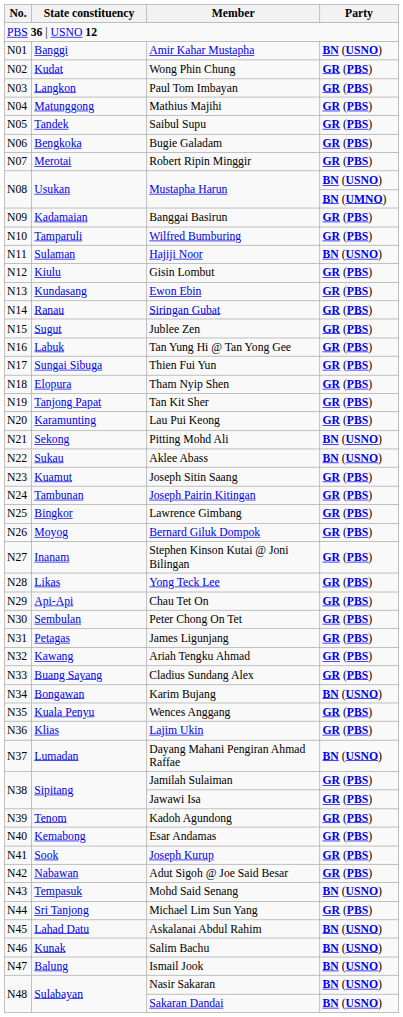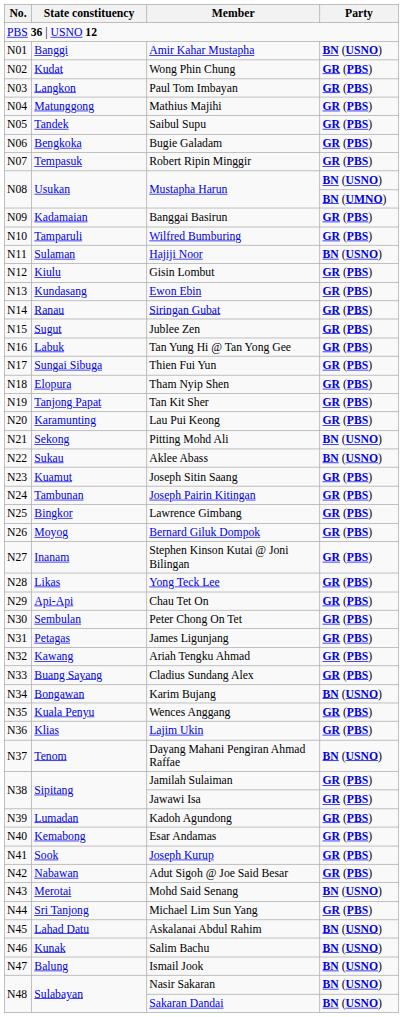 <table class="wikitable sortable">
 <tr>
 <th style="width:30px;">No.</th>
 <th style="width:150px;">State constituency</th>
 <th style="width:230px;">Member</th>
 <th style="width:100px;">Party</th>
 </tr>
 <tr>
 <td colspan="4"><a href='#'>PBS</a> <strong>36</strong> | <a href='#'>USNO</a> <strong>12</strong></td>
 </tr>
 <tr>
 <td>N01</td>
 <td><a href='#'>Banggi</a></td>
 <td><a href='#'> Amir Kahar Mustapha</a></td>
 <td><strong><a href='#'>BN</a></strong> (<strong><a href='#'>USNO</a></strong>)</td>
 </tr>
 <tr>
 <td>N02</td>
 <td><a href='#'>Kudat</a></td>
 <td>Wong Phin Chung</td>
 <td><strong><a href='#'>GR</a></strong> (<strong><a href='#'>PBS</a></strong>)</td>
 </tr>
 <tr>
 <td>N03</td>
 <td><a href='#'>Langkon</a></td>
 <td>Paul Tom Imbayan</td>
 <td><strong><a href='#'>GR</a></strong> (<strong><a href='#'>PBS</a></strong>)</td>
 </tr>
 <tr>
 <td>N04</td>
 <td><a href='#'>Matunggong</a></td>
 <td>Mathius Majihi</td>
 <td><strong><a href='#'>GR</a></strong> (<strong><a href='#'>PBS</a></strong>)</td>
 </tr>
 <tr>
 <td>N05</td>
 <td><a href='#'>Tandek</a></td>
 <td>Saibul Supu</td>
 <td><strong><a href='#'>GR</a></strong> (<strong><a href='#'>PBS</a></strong>)</td>
 </tr>
 <tr>
 <td>N06</td>
 <td><a href='#'>Bengkoka</a></td>
 <td>Bugie Galadam</td>
 <td><strong><a href='#'>GR</a></strong> (<strong><a href='#'>PBS</a></strong>)</td>
 </tr>
 <tr>
 <td>N07</td>
-<td><a href='#'>Merotai</a></td>
+<td><a href='#'>Tempasuk</a></td>
 <td>Robert Ripin Minggir</td>
 <td><strong><a href='#'>GR</a></strong> (<strong><a href='#'>PBS</a></strong>)</td>
 </tr>
 <tr>
 <td rowspan=2>N08</td>
 <td rowspan=2><a href='#'>Usukan</a></td>
 <td rowspan=2><a href='#'>Mustapha Harun</a><br></td>
 <td><strong><a href='#'>BN</a></strong> (<strong><a href='#'>USNO</a></strong>)</td>
 </tr>
 <tr>
 <td><strong><a href='#'>BN</a></strong> (<strong><a href='#'>UMNO</a></strong>)</td>
 </tr>
 <tr>
 <td>N09</td>
 <td><a href='#'>Kadamaian</a></td>
 <td>Banggai Basirun</td>
 <td><strong><a href='#'>GR</a></strong> (<strong><a href='#'>PBS</a></strong>)</td>
 </tr>
 <tr>
 <td>N10</td>
 <td><a href='#'>Tamparuli</a></td>
 <td><a href='#'>Wilfred Bumburing</a></td>
 <td><strong><a href='#'>GR</a></strong> (<strong><a href='#'>PBS</a></strong>)</td>
 </tr>
 <tr>
 <td>N11</td>
 <td><a href='#'>Sulaman</a></td>
 <td><a href='#'>Hajiji Noor</a></td>
 <td><strong><a href='#'>BN</a></strong> (<strong><a href='#'>USNO</a></strong>)</td>
 </tr>
 <tr>
 <td>N12</td>
 <td><a href='#'>Kiulu</a></td>
 <td>Gisin Lombut</td>
 <td><strong><a href='#'>GR</a></strong> (<strong><a href='#'>PBS</a></strong>)</td>
 </tr>
 <tr>
 <td>N13</td>
 <td><a href='#'>Kundasang</a></td>
 <td><a href='#'>Ewon Ebin</a></td>
 <td><strong><a href='#'>GR</a></strong> (<strong><a href='#'>PBS</a></strong>)</td>
 </tr>
 <tr>
 <td>N14</td>
 <td><a href='#'>Ranau</a></td>
 <td><a href='#'>Siringan Gubat</a></td>
 <td><strong><a href='#'>GR</a></strong> (<strong><a href='#'>PBS</a></strong>)</td>
 </tr>
 <tr>
 <td>N15</td>
 <td><a href='#'>Sugut</a></td>
 <td>Jublee Zen</td>
 <td><strong><a href='#'>GR</a></strong> (<strong><a href='#'>PBS</a></strong>)</td>
 </tr>
 <tr>
 <td>N16</td>
 <td><a href='#'>Labuk</a></td>
 <td>Tan Yung Hi @ Tan Yong Gee</td>
 <td><strong><a href='#'>GR</a></strong> (<strong><a href='#'>PBS</a></strong>)</td>
 </tr>
 <tr>
 <td>N17</td>
 <td><a href='#'>Sungai Sibuga</a></td>
 <td>Thien Fui Yun</td>
 <td><strong><a href='#'>GR</a></strong> (<strong><a href='#'>PBS</a></strong>)</td>
 </tr>
 <tr>
 <td>N18</td>
 <td><a href='#'>Elopura</a></td>
 <td>Tham Nyip Shen</td>
 <td><strong><a href='#'>GR</a></strong> (<strong><a href='#'>PBS</a></strong>)</td>
 </tr>
 <tr>
 <td>N19</td>
 <td><a href='#'>Tanjong Papat</a></td>
 <td>Tan Kit Sher</td>
 <td><strong><a href='#'>GR</a></strong> (<strong><a href='#'>PBS</a></strong>)</td>
 </tr>
 <tr>
 <td>N20</td>
 <td><a href='#'>Karamunting</a></td>
 <td>Lau Pui Keong</td>
 <td><strong><a href='#'>GR</a></strong> (<strong><a href='#'>PBS</a></strong>)</td>
 </tr>
 <tr>
 <td>N21</td>
 <td><a href='#'>Sekong</a></td>
 <td>Pitting Mohd Ali</td>
 <td><strong><a href='#'>BN</a></strong> (<strong><a href='#'>USNO</a></strong>)</td>
 </tr>
 <tr>
 <td>N22</td>
 <td><a href='#'>Sukau</a></td>
 <td>Aklee Abass</td>
 <td><strong><a href='#'>BN</a></strong> (<strong><a href='#'>USNO</a></strong>)</td>
 </tr>
 <tr>
 <td>N23</td>
 <td><a href='#'>Kuamut</a></td>
 <td>Joseph Sitin Saang</td>
 <td><strong><a href='#'>GR</a></strong> (<strong><a href='#'>PBS</a></strong>)</td>
 </tr>
 <tr>
 <td>N24</td>
 <td><a href='#'>Tambunan</a></td>
 <td><a href='#'>Joseph Pairin Kitingan</a></td>
 <td><strong><a href='#'>GR</a></strong> (<strong><a href='#'>PBS</a></strong>)</td>
 </tr>
 <tr>
 <td>N25</td>
 <td><a href='#'>Bingkor</a></td>
 <td>Lawrence Gimbang</td>
 <td><strong><a href='#'>GR</a></strong> (<strong><a href='#'>PBS</a></strong>)</td>
 </tr>
 <tr>
 <td>N26</td>
 <td><a href='#'>Moyog</a></td>
 <td><a href='#'>Bernard Giluk Dompok</a></td>
 <td><strong><a href='#'>GR</a></strong> (<strong><a href='#'>PBS</a></strong>)</td>
 </tr>
 <tr>
 <td>N27</td>
 <td><a href='#'>Inanam</a></td>
 <td>Stephen Kinson Kutai @ Joni Bilingan</td>
 <td><strong><a href='#'>GR</a></strong> (<strong><a href='#'>PBS</a></strong>)</td>
 </tr>
 <tr>
 <td>N28</td>
 <td><a href='#'>Likas</a></td>
 <td><a href='#'>Yong Teck Lee</a></td>
 <td><strong><a href='#'>GR</a></strong> (<strong><a href='#'>PBS</a></strong>)</td>
 </tr>
 <tr>
 <td>N29</td>
 <td><a href='#'>Api-Api</a></td>
 <td>Chau Tet On</td>
 <td><strong><a href='#'>GR</a></strong> (<strong><a href='#'>PBS</a></strong>)</td>
 </tr>
 <tr>
 <td>N30</td>
 <td><a href='#'>Sembulan</a></td>
 <td>Peter Chong On Tet</td>
 <td><strong><a href='#'>GR</a></strong> (<strong><a href='#'>PBS</a></strong>)</td>
 </tr>
 <tr>
 <td>N31</td>
 <td><a href='#'>Petagas</a></td>
 <td>James Ligunjang</td>
 <td><strong><a href='#'>GR</a></strong> (<strong><a href='#'>PBS</a></strong>)</td>
 </tr>
 <tr>
 <td>N32</td>
 <td><a href='#'>Kawang</a></td>
 <td>Ariah Tengku Ahmad</td>
 <td><strong><a href='#'>GR</a></strong> (<strong><a href='#'>PBS</a></strong>)</td>
 </tr>
 <tr>
 <td>N33</td>
 <td><a href='#'>Buang Sayang</a></td>
 <td>Cladius Sundang Alex</td>
 <td><strong><a href='#'>GR</a></strong> (<strong><a href='#'>PBS</a></strong>)</td>
 </tr>
 <tr>
 <td>N34</td>
 <td><a href='#'>Bongawan</a></td>
 <td>Karim Bujang</td>
 <td><strong><a href='#'>BN</a></strong> (<strong><a href='#'>USNO</a></strong>)</td>
 </tr>
 <tr>
 <td>N35</td>
 <td><a href='#'>Kuala Penyu</a></td>
 <td>Wences Anggang</td>
 <td><strong><a href='#'>GR</a></strong> (<strong><a href='#'>PBS</a></strong>)</td>
 </tr>
 <tr>
 <td>N36</td>
 <td><a href='#'>Klias</a></td>
 <td><a href='#'>Lajim Ukin</a></td>
 <td><strong><a href='#'>GR</a></strong> (<strong><a href='#'>PBS</a></strong>)</td>
 </tr>
 <tr>
 <td>N37</td>
-<td><a href='#'>Lumadan</a></td>
+<td><a href='#'>Tenom</a></td>
 <td>Dayang Mahani Pengiran Ahmad Raffae</td>
 <td><strong><a href='#'>BN</a></strong> (<strong><a href='#'>USNO</a></strong>)</td>
 </tr>
 <tr>
 <td rowspan=2>N38</td>
 <td rowspan=2><a href='#'>Sipitang</a></td>
 <td>Jamilah Sulaiman </td>
 <td><strong><a href='#'>GR</a></strong> (<strong><a href='#'>PBS</a></strong>)</td>
 </tr>
 <tr>
 <td>Jawawi Isa </td>
 <td><strong><a href='#'>GR</a></strong> (<strong><a href='#'>PBS</a></strong>)</td>
 </tr>
 <tr>
 <td>N39</td>
-<td><a href='#'>Tenom</a></td>
+<td><a href='#'>Lumadan</a></td>
 <td>Kadoh Agundong</td>
 <td><strong><a href='#'>GR</a></strong> (<strong><a href='#'>PBS</a></strong>)</td>
 </tr>
 <tr>
 <td>N40</td>
 <td><a href='#'>Kemabong</a></td>
 <td>Esar Andamas</td>
 <td><strong><a href='#'>GR</a></strong> (<strong><a href='#'>PBS</a></strong>)</td>
 </tr>
 <tr>
 <td>N41</td>
 <td><a href='#'>Sook</a></td>
 <td><a href='#'>Joseph Kurup</a></td>
 <td><strong><a href='#'>GR</a></strong> (<strong><a href='#'>PBS</a></strong>)</td>
 </tr>
 <tr>
 <td>N42</td>
 <td><a href='#'>Nabawan</a></td>
 <td>Adut Sigoh @ Joe Said Besar</td>
 <td><strong><a href='#'>GR</a></strong> (<strong><a href='#'>PBS</a></strong>)</td>
 </tr>
 <tr>
 <td>N43</td>
-<td><a href='#'>Tempasuk</a></td>
+<td><a href='#'>Merotai</a></td>
 <td>Mohd Said Senang</td>
 <td><strong><a href='#'>BN</a></strong> (<strong><a href='#'>USNO</a></strong>)</td>
 </tr>
 <tr>
 <td>N44</td>
 <td><a href='#'>Sri Tanjong</a></td>
 <td>Michael Lim Sun Yang</td>
 <td><strong><a href='#'>GR</a></strong> (<strong><a href='#'>PBS</a></strong>)</td>
 </tr>
 <tr>
 <td>N45</td>
 <td><a href='#'>Lahad Datu</a></td>
 <td>Askalanai Abdul Rahim</td>
 <td><strong><a href='#'>BN</a></strong> (<strong><a href='#'>USNO</a></strong>)</td>
 </tr>
 <tr>
 <td>N46</td>
 <td><a href='#'>Kunak</a></td>
 <td>Salim Bachu</td>
 <td><strong><a href='#'>BN</a></strong> (<strong><a href='#'>USNO</a></strong>)</td>
 </tr>
 <tr>
 <td>N47</td>
 <td><a href='#'>Balung</a></td>
 <td>Ismail Jook</td>
 <td><strong><a href='#'>BN</a></strong> (<strong><a href='#'>USNO</a></strong>)</td>
 </tr>
 <tr>
 <td rowspan=2>N48</td>
 <td rowspan=2><a href='#'>Sulabayan</a></td>
 <td>Nasir Sakaran </td>
 <td><strong><a href='#'>BN</a></strong> (<strong><a href='#'>USNO</a></strong>)</td>
 </tr>
 <tr>
 <td><a href='#'>Sakaran Dandai</a> </td>
 <td><strong><a href='#'>BN</a></strong> (<strong><a href='#'>USNO</a></strong>)</td>
 </tr>
 </table>
